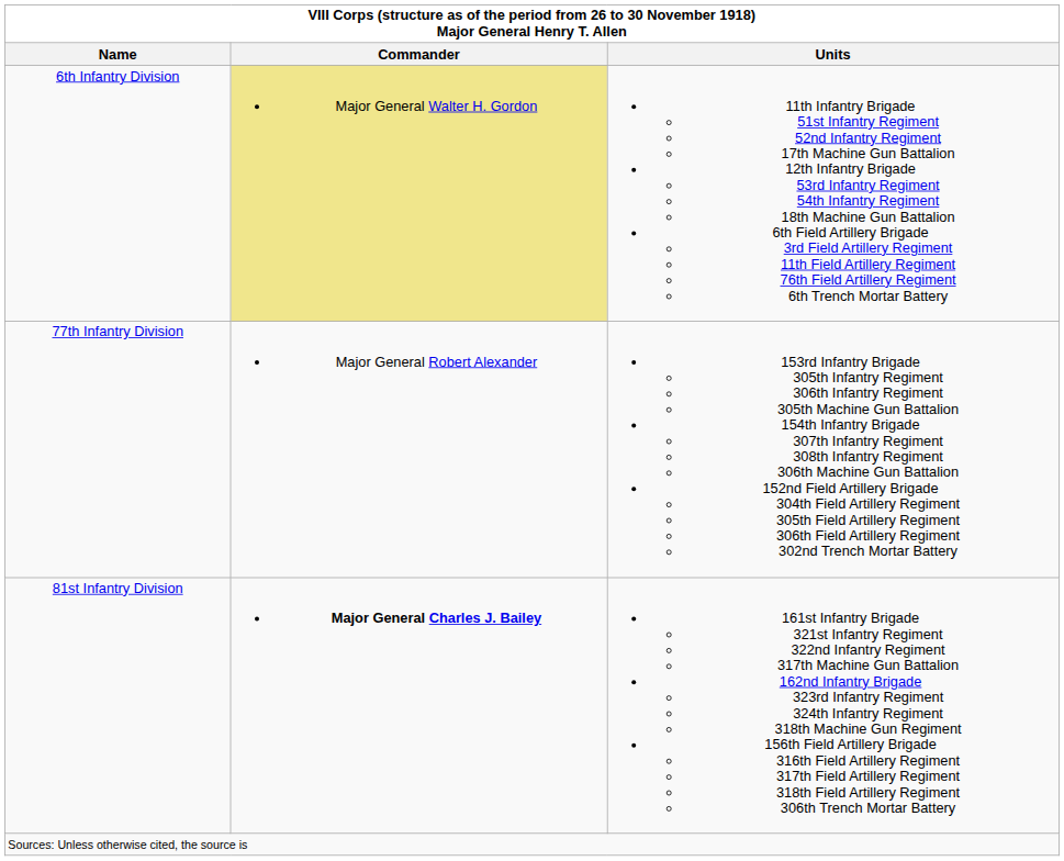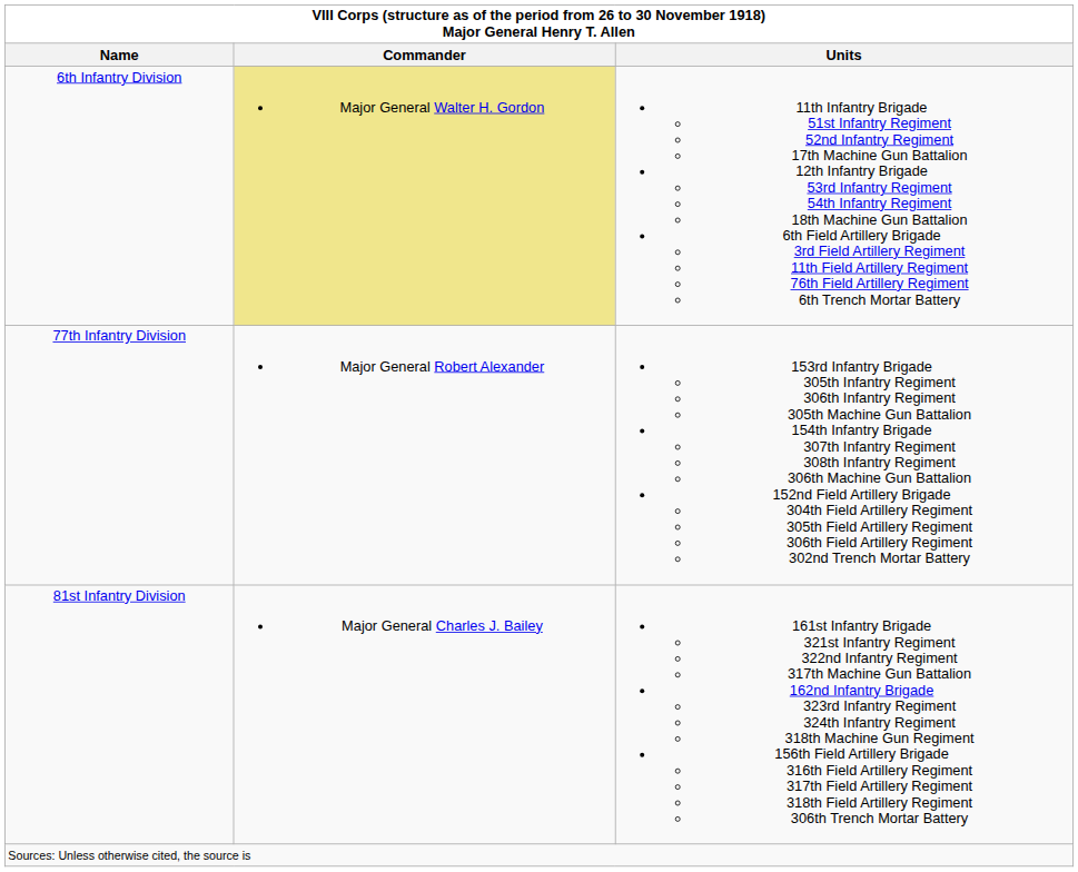 <table class="wikitable" style="width:95%;">
 <tr valign="top">
 <th colspan="11" style="background:white;">VIII Corps (structure as of the period from 26 to 30 November 1918)<br>Major General Henry T. Allen</th>
 </tr>
 <tr valign="top"|- valign="top">
 <th style="width:15%; text-align:center;">Name</th>
 <th style="width:25%; text-align:center;">Commander</th>
 <th style="width:30%; text-align:center;">Units</th>
 </tr>
 <tr valign="top">
 <td align=center><a href='#'>6th Infantry Division</a></td>
 <td align=center style="background: khaki;"><br><ul><li>Major General <a href='#'>Walter H. Gordon</a></li></ul></td>
 <td align=center><br><ul><li>11th Infantry Brigade<ul><li><a href='#'>51st Infantry Regiment</a></li><li><a href='#'>52nd Infantry Regiment</a></li><li>17th Machine Gun Battalion</li></ul></li><li>12th Infantry Brigade<ul><li><a href='#'>53rd Infantry Regiment</a></li><li><a href='#'>54th Infantry Regiment</a></li><li>18th Machine Gun Battalion</li></ul></li><li>6th Field Artillery Brigade<ul><li><a href='#'>3rd Field Artillery Regiment</a></li><li><a href='#'>11th Field Artillery Regiment</a></li><li><a href='#'>76th Field Artillery Regiment</a></li><li>6th Trench Mortar Battery</li></ul></li></ul></td>
 </tr>
 <tr valign="top">
 <td align=center><a href='#'>77th Infantry Division</a></td>
 <td align=center><br><ul><li>Major General <a href='#'>Robert Alexander</a></li></ul></td>
 <td align=center><br><ul><li>153rd Infantry Brigade<ul><li>305th Infantry Regiment</li><li>306th Infantry Regiment</li><li>305th Machine Gun Battalion</li></ul></li><li>154th Infantry Brigade<ul><li>307th Infantry Regiment</li><li>308th Infantry Regiment</li><li>306th Machine Gun Battalion</li></ul></li><li>152nd Field Artillery Brigade<ul><li>304th Field Artillery Regiment</li><li>305th Field Artillery Regiment</li><li>306th Field Artillery Regiment</li><li>302nd Trench Mortar Battery</li></ul></li></ul></td>
 </tr>
 <tr valign="top">
 <td align=center><a href='#'>81st Infantry Division</a></td>
-<td align=center><strong><br><ul><li>Major General <a href='#'>Charles J. Bailey</a></li></ul></strong></td>
+<td align=center><br><ul><li>Major General <a href='#'>Charles J. Bailey</a></li></ul></td>
 <td align=center><br><ul><li>161st Infantry Brigade<ul><li>321st Infantry Regiment</li><li>322nd Infantry Regiment</li><li>317th Machine Gun Battalion</li></ul></li><li><a href='#'>162nd Infantry Brigade</a><ul><li>323rd Infantry Regiment</li><li>324th Infantry Regiment</li><li>318th Machine Gun Regiment</li></ul></li><li>156th Field Artillery Brigade<ul><li>316th Field Artillery Regiment</li><li>317th Field Artillery Regiment</li><li>318th Field Artillery Regiment</li><li>306th Trench Mortar Battery</li></ul></li></ul></td>
 </tr>
 <tr valign="top">
 <td colspan="9" style="text-align:left;"><small>Sources: Unless otherwise cited, the source is </small></td>
 </tr>
 </table>
